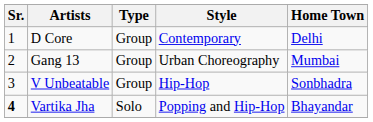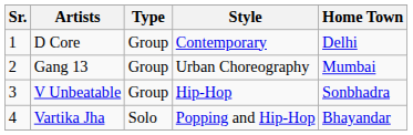 <table class=wikitable>
 <tr>
 </tr>
 <tr>
 <th>Sr.</th>
 <th>Artists</th>
 <th>Type</th>
 <th>Style</th>
 <th>Home Town</th>
 </tr>
 <tr>
 <td>1</td>
 <td>D Core</td>
 <td>Group</td>
 <td><a href='#'>Contemporary</a></td>
 <td><a href='#'>Delhi</a></td>
 </tr>
 <tr>
 <td>2</td>
 <td>Gang 13</td>
 <td>Group</td>
 <td>Urban Choreography</td>
 <td><a href='#'>Mumbai</a></td>
 </tr>
 <tr>
 <td>3</td>
 <td><a href='#'>V Unbeatable</a></td>
 <td>Group</td>
 <td><a href='#'>Hip-Hop</a></td>
 <td><a href='#'>Sonbhadra</a></td>
 </tr>
 <tr>
-<td><strong>4</strong></td>
+<td>4</td>
 <td><a href='#'>Vartika Jha</a></td>
 <td>Solo</td>
 <td><a href='#'>Popping</a> and <a href='#'>Hip-Hop</a></td>
 <td><a href='#'>Bhayandar</a></td>
 </tr>
 <tr>
 </tr>
 </table>
